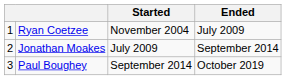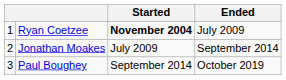 <table class="wikitable">
 <tr>
 <th Colspan=2></th>
 <th>Started</th>
 <th>Ended</th>
 </tr>
 <tr>
 <td>1</td>
 <td><a href='#'>Ryan Coetzee</a></td>
-<td>November 2004</td>
+<td><strong>November 2004</strong></td>
 <td>July 2009</td>
 </tr>
 <tr>
 <td>2</td>
 <td><a href='#'>Jonathan Moakes</a></td>
 <td>July 2009</td>
 <td>September 2014</td>
 </tr>
 <tr>
 <td>3</td>
 <td><a href='#'>Paul Boughey</a></td>
 <td>September 2014</td>
 <td>October 2019</td>
 </tr>
 </table>
